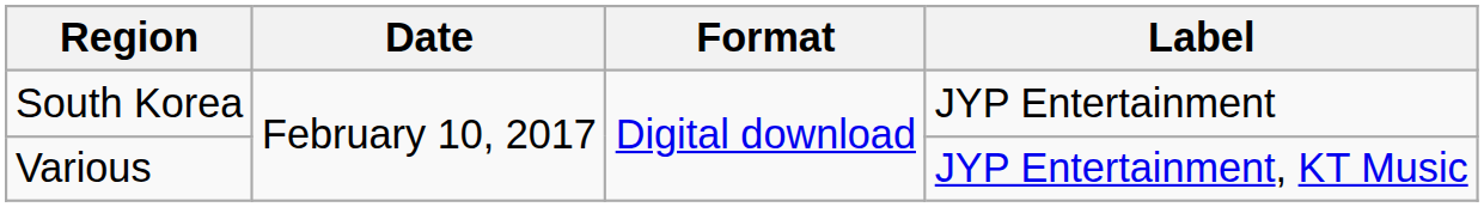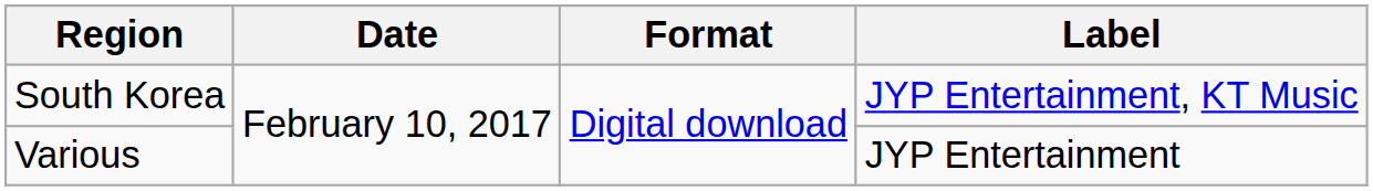 <table class="wikitable">
 <tr>
 <th>Region</th>
 <th>Date</th>
 <th>Format</th>
 <th>Label</th>
 </tr>
 <tr>
 <td>South Korea</td>
 <td rowspan="2">February 10, 2017</td>
 <td rowspan="2"><a href='#'>Digital download</a></td>
-<td>JYP Entertainment</td>
+<td><a href='#'>JYP Entertainment</a>, <a href='#'>KT Music</a></td>
 </tr>
 <tr>
 <td>Various</td>
-<td><a href='#'>JYP Entertainment</a>, <a href='#'>KT Music</a></td>
+<td>JYP Entertainment</td>
 </tr>
 </table>
